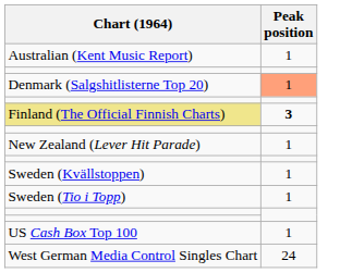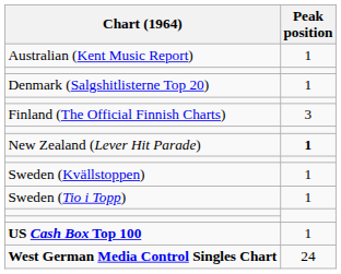 <table class="wikitable sortable">
 <tr>
 <th>Chart (1964)</th>
 <th>Peak<br>position</th>
 </tr>
 <tr>
 <td>Australian (<a href='#'>Kent Music Report</a>)</td>
 <td style="text-align:center;">1</td>
 </tr>
 <tr>
 <td></td>
 </tr>
 <tr>
 <td>Denmark (<a href='#'>Salgshitlisterne Top 20</a>)</td>
-<td style="background: lightsalmon; text-align:center;">1</td>
+<td style="text-align:center;">1</td>
 </tr>
 <tr>
 <td></td>
 </tr>
 <tr>
-<td style="background: khaki;">Finland (<a href='#'>The Official Finnish Charts</a>)</td>
-<td style="text-align:center;"><strong>3</strong></td>
+<td>Finland (<a href='#'>The Official Finnish Charts</a>)</td>
+<td style="text-align:center;">3</td>
 </tr>
 <tr>
 <td></td>
 </tr>
 <tr>
 <td>New Zealand (<em>Lever Hit Parade</em>)</td>
-<td style="text-align:center;">1</td>
+<td style="text-align:center;"><strong>1</strong></td>
 </tr>
 <tr>
 <td></td>
 </tr>
 <tr>
 <td>Sweden (<a href='#'>Kvällstoppen</a>)</td>
 <td style="text-align:center;">1</td>
 </tr>
 <tr>
 <td>Sweden (<em><a href='#'>Tio i Topp</a></em>)</td>
 <td style="text-align:center;">1</td>
 </tr>
 <tr>
 <td></td>
 </tr>
 <tr>
 <td></td>
 </tr>
 <tr>
-<td>US <a href='#'><em>Cash Box</em> Top 100</a></td>
+<td><strong>US <a href='#'><em>Cash Box</em> Top 100</a></strong></td>
 <td style="text-align:center;">1</td>
 </tr>
 <tr>
-<td>West German <a href='#'>Media Control</a> Singles Chart</td>
+<td><strong>West German <a href='#'>Media Control</a> Singles Chart</strong></td>
 <td align=center>24</td>
 </tr>
 </table>
